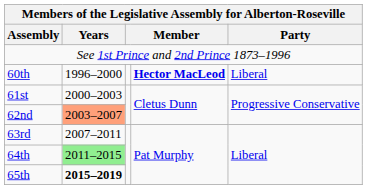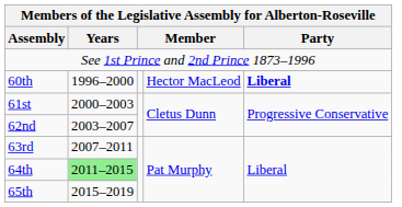 <table class="wikitable">
 <tr>
 <th colspan=5>Members of the Legislative Assembly for Alberton-Roseville</th>
 </tr>
 <tr>
 <th>Assembly</th>
 <th>Years</th>
 <th colspan="2">Member</th>
 <th>Party</th>
 </tr>
 <tr>
 <td style="text-align:center;" colspan="5"><em>See <a href='#'>1st Prince</a> and <a href='#'>2nd Prince</a> 1873–1996</em></td>
 </tr>
 <tr>
 <td><a href='#'>60th</a></td>
 <td>1996–2000</td>
 <td rowspan=1 ></td>
-<td><strong><a href='#'>Hector MacLeod</a></strong></td>
-<td><a href='#'>Liberal</a></td>
+<td><a href='#'>Hector MacLeod</a></td>
+<td><strong><a href='#'>Liberal</a></strong></td>
 </tr>
 <tr>
 <td><a href='#'>61st</a></td>
 <td>2000–2003</td>
 <td rowspan=2 ></td>
 <td rowspan=2><a href='#'>Cletus Dunn</a></td>
 <td rowspan=2><a href='#'>Progressive Conservative</a></td>
 </tr>
 <tr>
 <td><a href='#'>62nd</a></td>
-<td style="background: lightsalmon;">2003–2007</td>
+<td>2003–2007</td>
 </tr>
 <tr>
 <td><a href='#'>63rd</a></td>
 <td>2007–2011</td>
 <td rowspan=3 ></td>
 <td rowspan=3><a href='#'>Pat Murphy</a></td>
 <td rowspan=3><a href='#'>Liberal</a></td>
 </tr>
 <tr>
 <td><a href='#'>64th</a></td>
 <td style="background: lightgreen;">2011–2015</td>
 </tr>
 <tr>
 <td><a href='#'>65th</a></td>
-<td><strong>2015–2019</strong></td>
+<td>2015–2019</td>
 </tr>
 </table>
